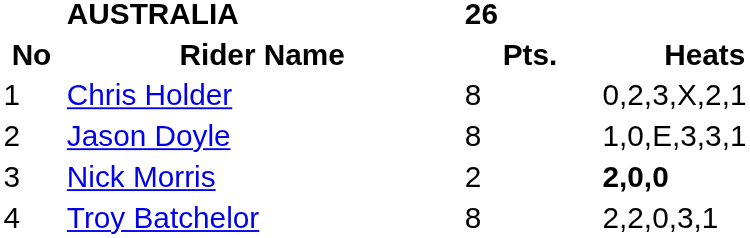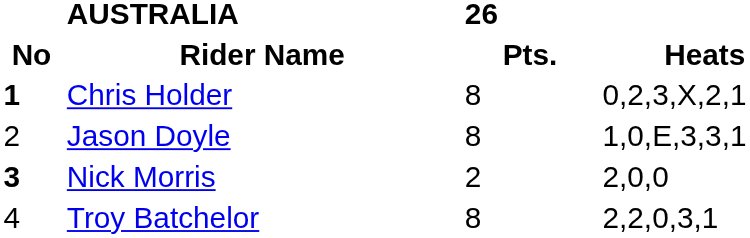 <table class="toccolours">
 <tr>
 <td></td>
 <td><strong>AUSTRALIA</strong></td>
 <td><strong>26</strong></td>
 </tr>
 <tr style="background-color:">
 <th width=30px>No</th>
 <th width=210px>Rider Name</th>
 <th width=70px>Pts.</th>
 <th width=110px>Heats</th>
 </tr>
 <tr style="background-color:">
-<td>1</td>
+<td><strong>1</strong></td>
 <td><a href='#'>Chris Holder</a></td>
 <td>8</td>
 <td>0,2,3,X,2,1</td>
 </tr>
 <tr style="background-color:">
 <td>2</td>
 <td><a href='#'>Jason Doyle</a></td>
 <td>8</td>
 <td>1,0,E,3,3,1</td>
 </tr>
 <tr style="background-color:">
-<td>3</td>
+<td><strong>3</strong></td>
 <td><a href='#'>Nick Morris</a></td>
 <td>2</td>
-<td><strong>2,0,0</strong></td>
+<td>2,0,0</td>
 </tr>
 <tr style="background-color:">
 <td>4</td>
 <td><a href='#'>Troy Batchelor</a></td>
 <td>8</td>
 <td>2,2,0,3,1</td>
 </tr>
 </table>
